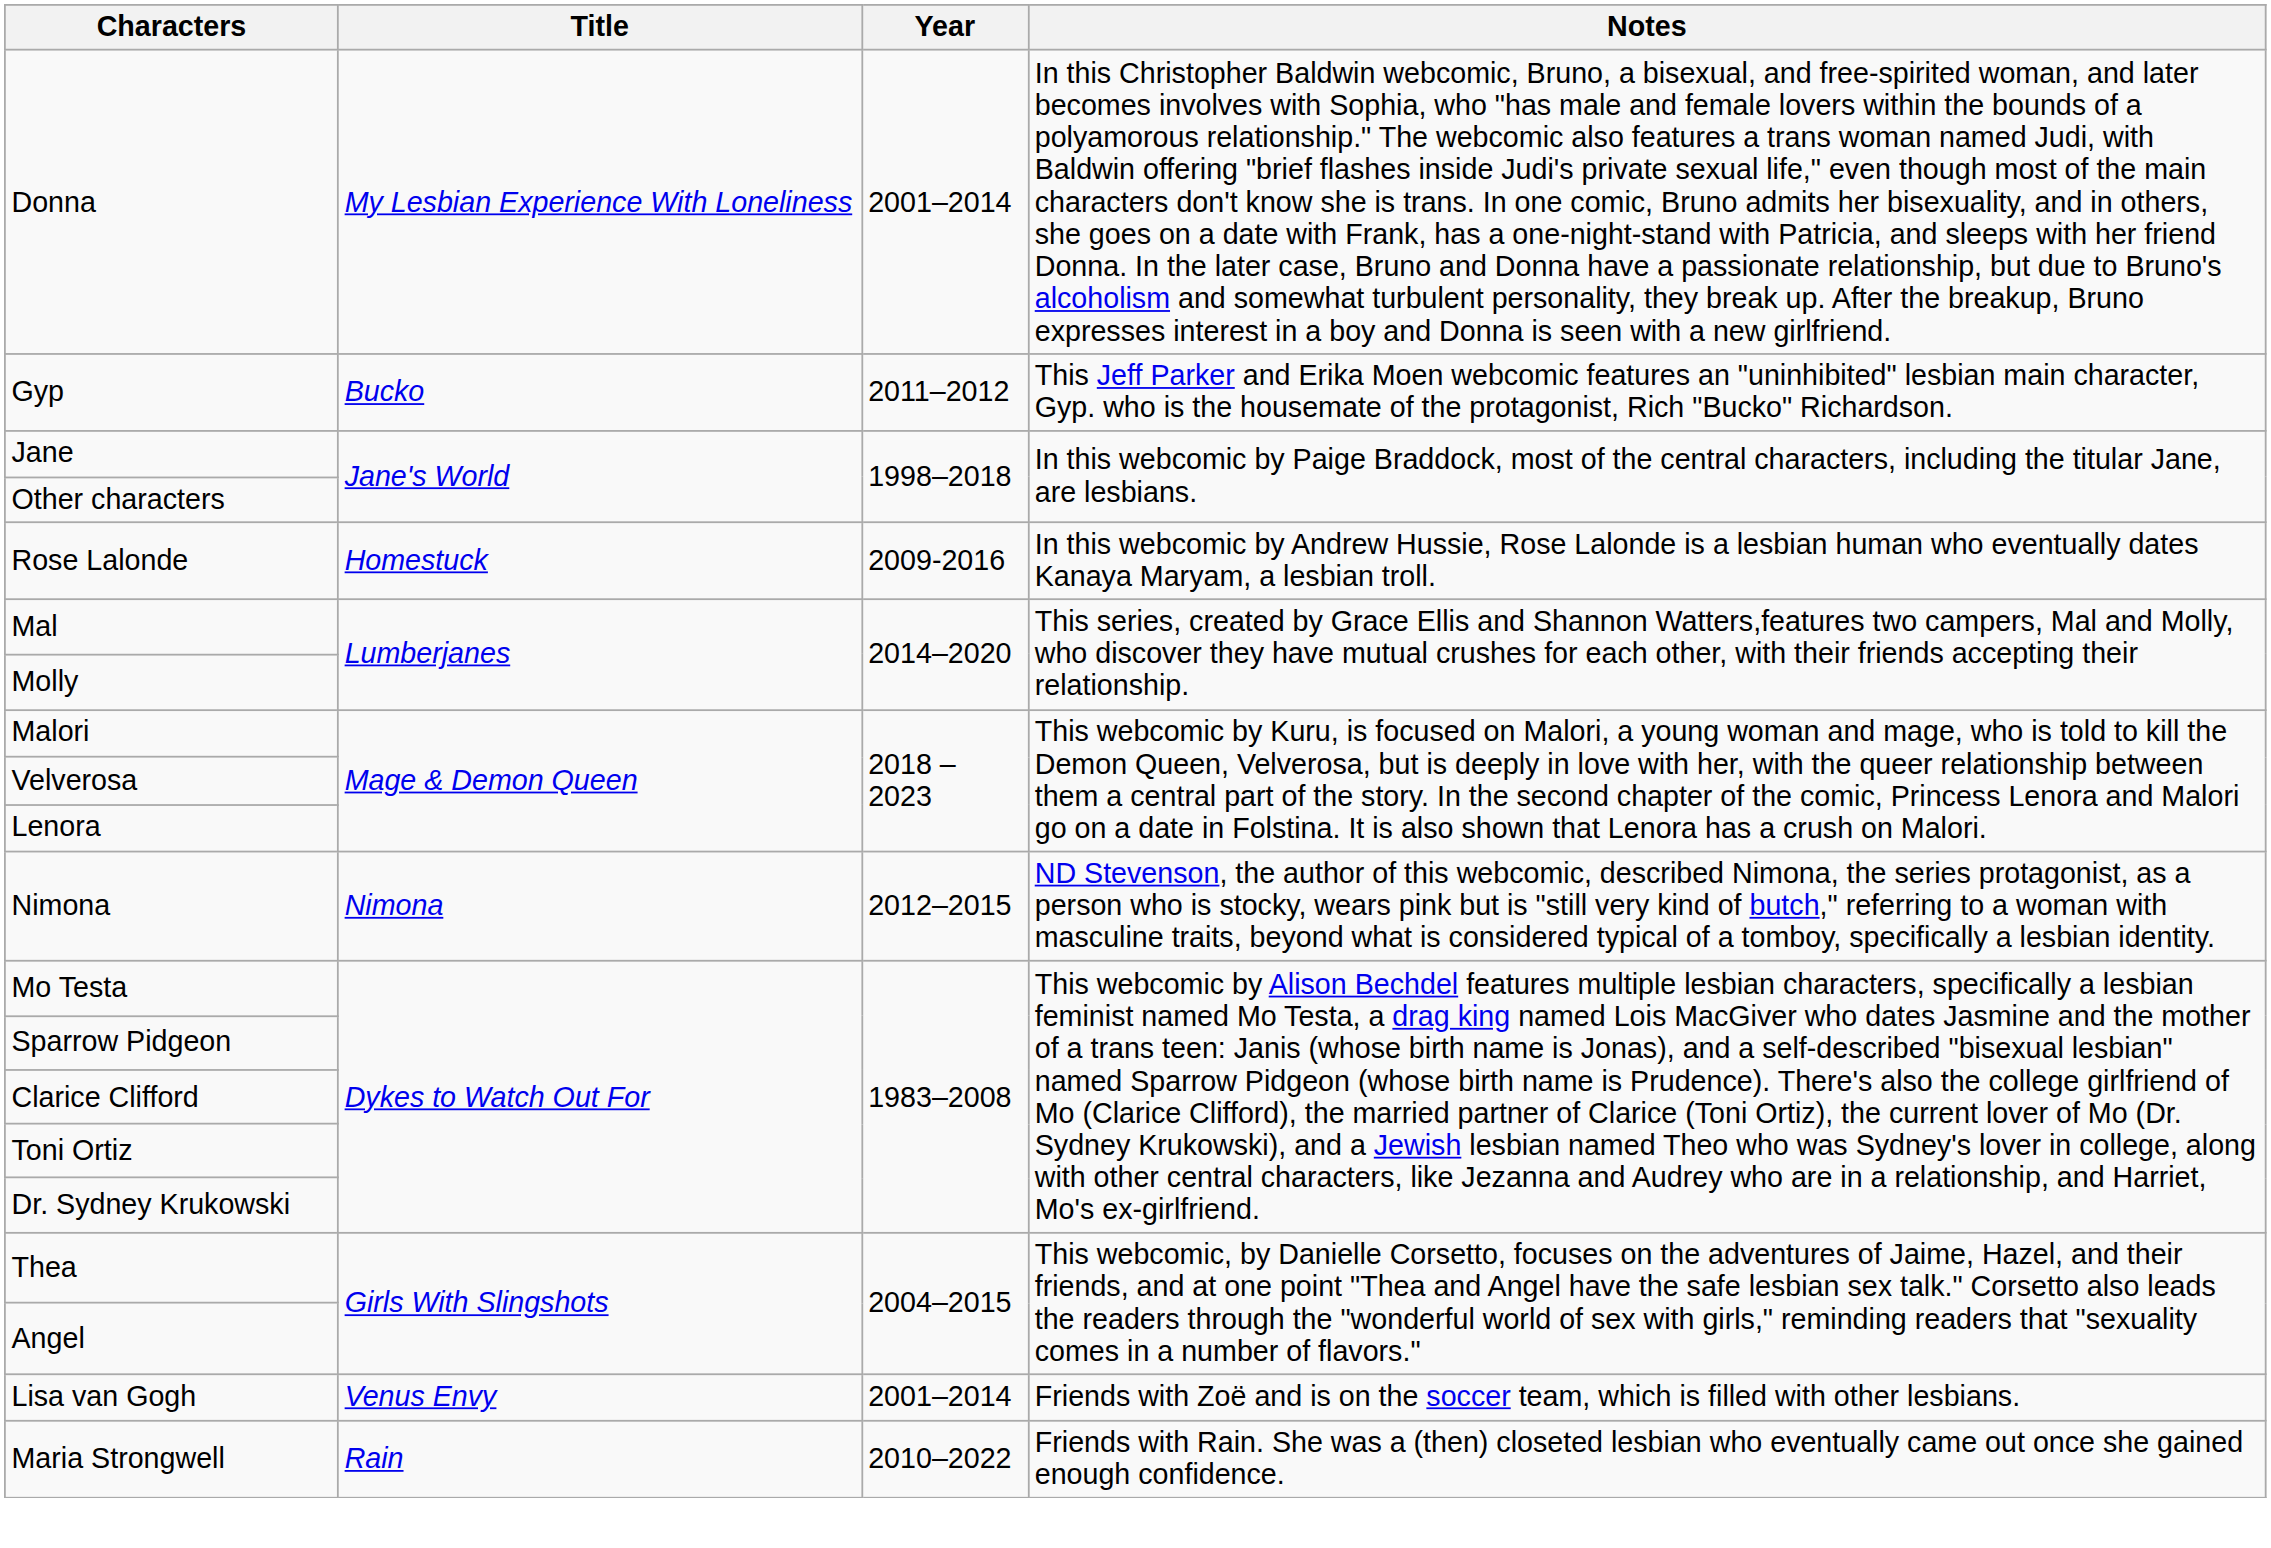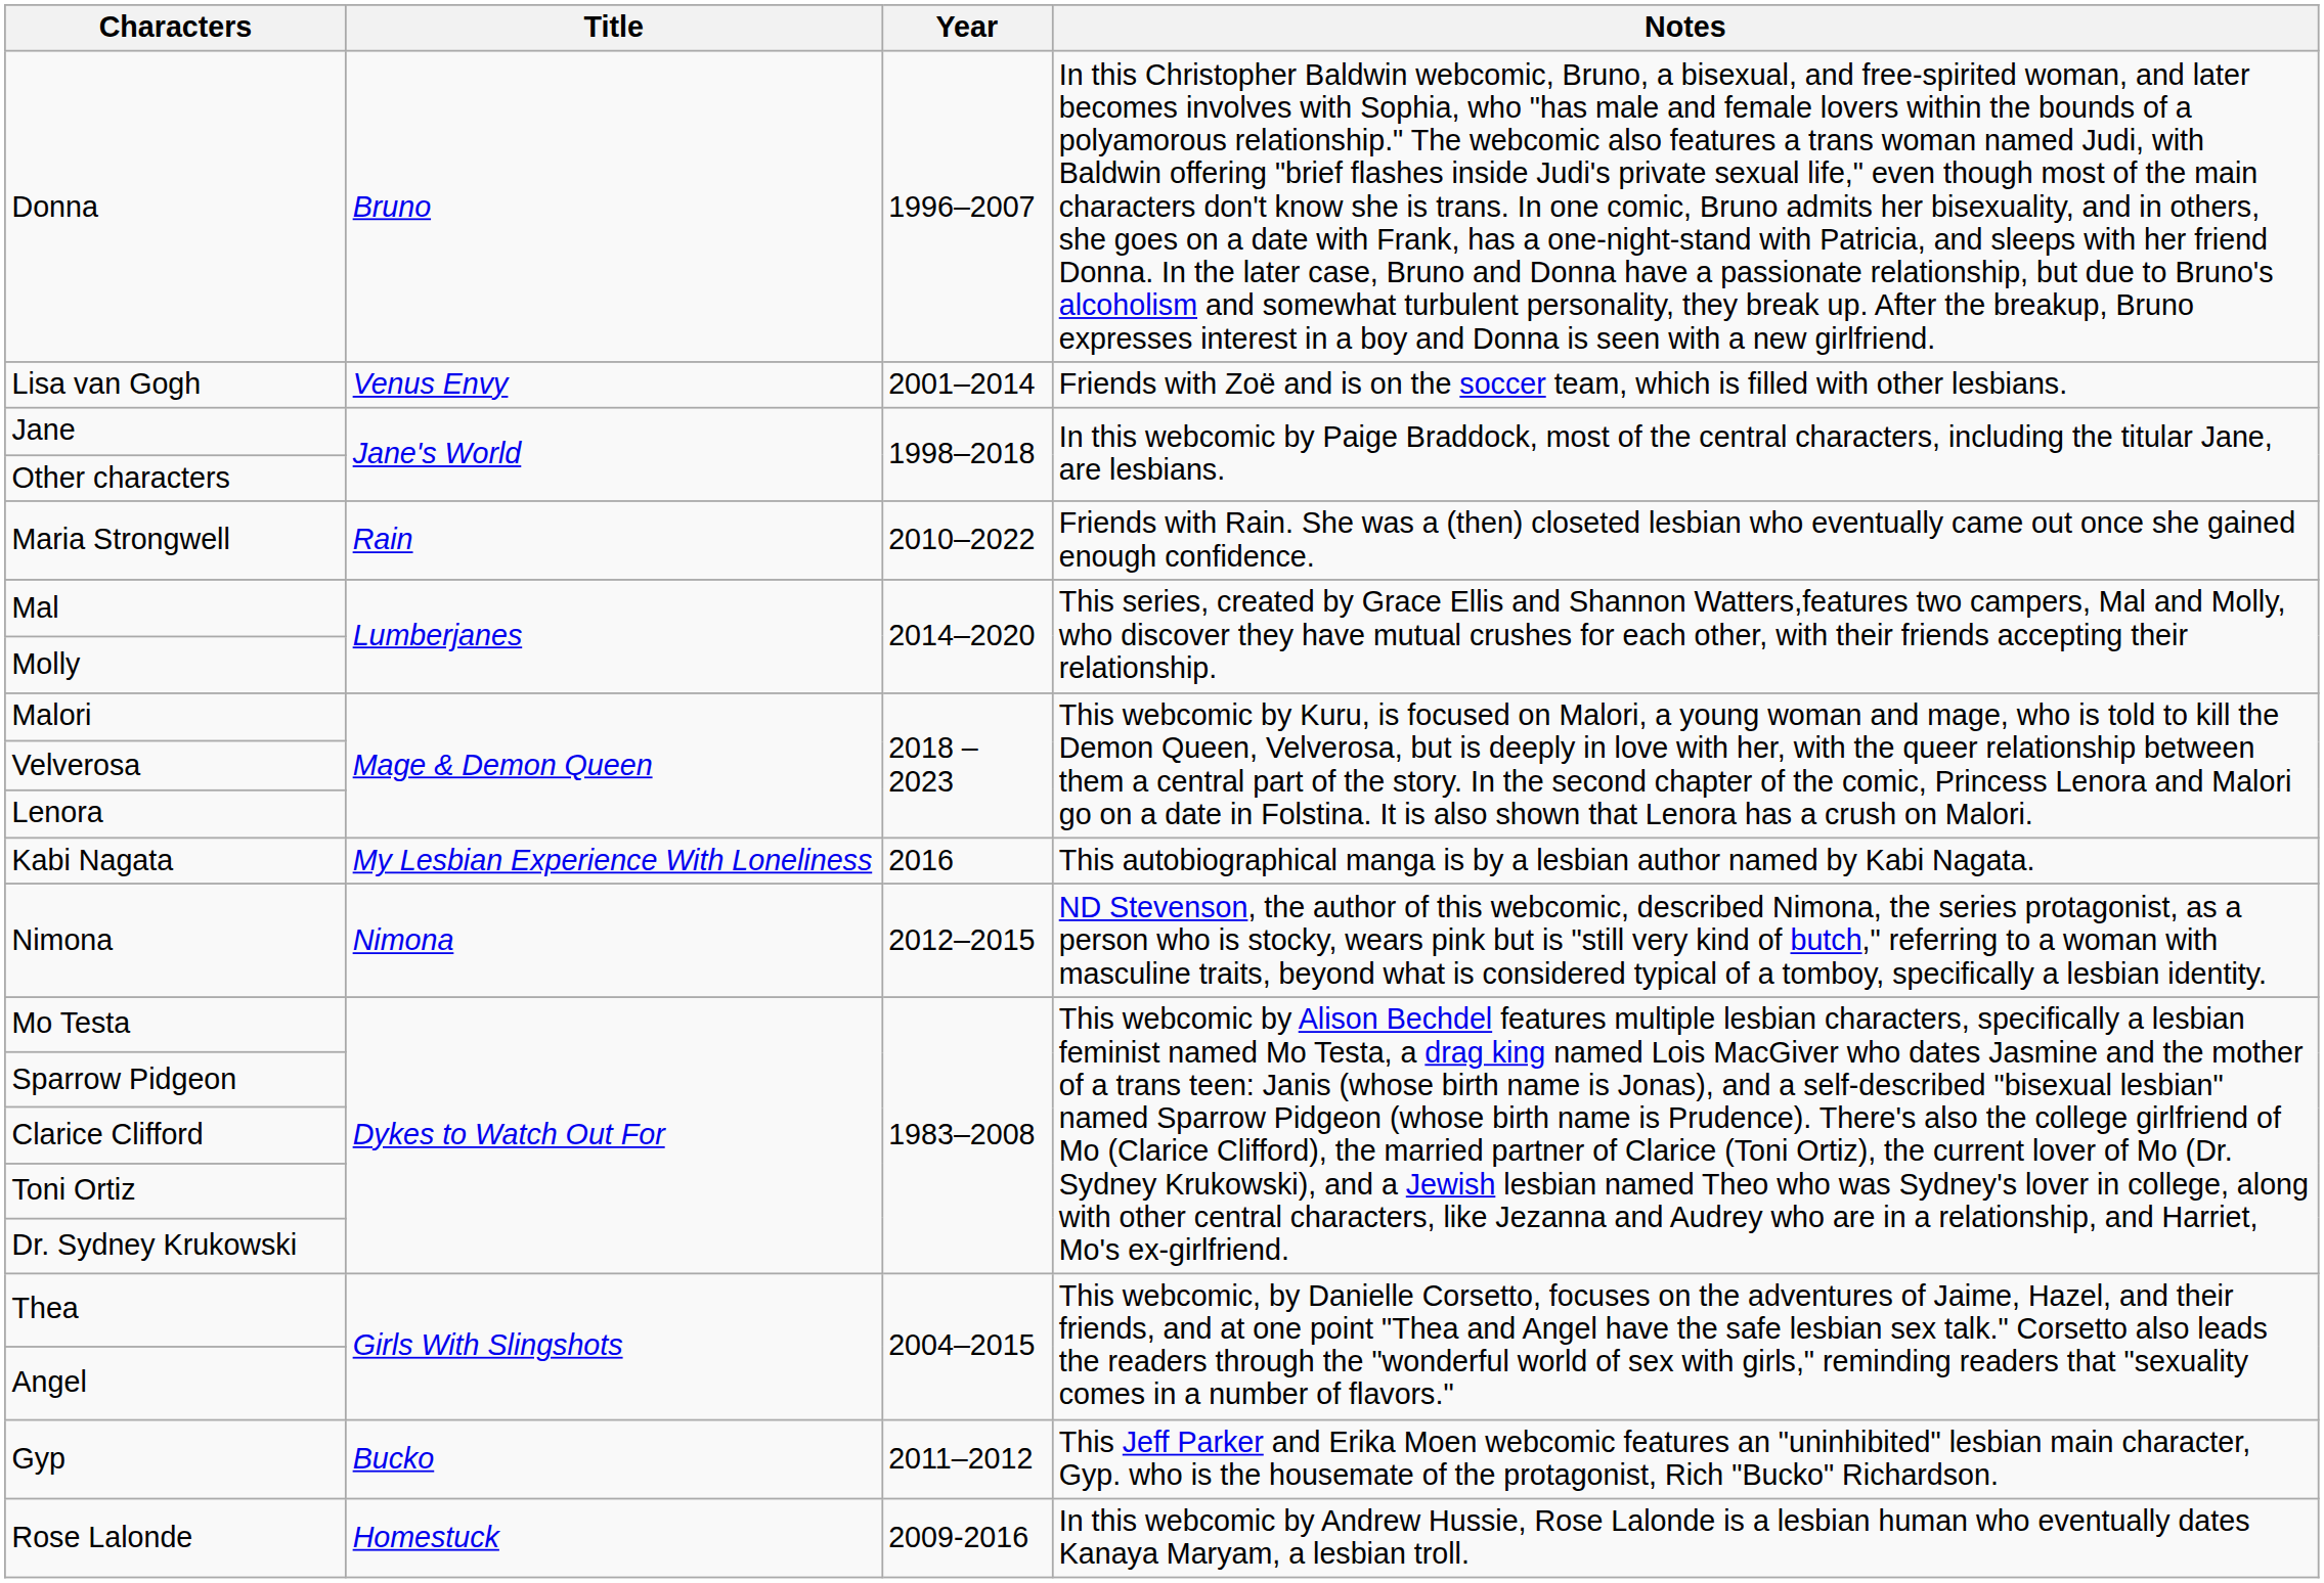 <table class="sortable wikitable" style="margins:auto; width:100%">
 <tr>
 <th style="width:14%;">Characters</th>
 <th style="width:22%;">Title</th>
 <th style="width:7%;">Year</th>
 <th style="width:52%;">Notes</th>
 </tr>
 <tr>
 <td>Donna</td>
-<td scope="row"><em><a href='#'>My Lesbian Experience With Loneliness</a></em></td>
-<td>2001–2014</td>
+<td scope="row"><em><a href='#'>Bruno</a></em></td>
+<td>1996–2007</td>
 <td>In this Christopher Baldwin webcomic, Bruno, a bisexual, and free-spirited woman, and later becomes involves with Sophia, who "has male and female lovers within the bounds of a polyamorous relationship." The webcomic also features a trans woman named Judi, with Baldwin offering "brief flashes inside Judi's private sexual life," even though most of the main characters don't know she is trans. In one comic, Bruno admits her bisexuality, and in others, she goes on a date with Frank, has a one-night-stand with Patricia, and sleeps with her friend Donna. In the later case, Bruno and Donna have a passionate relationship, but due to Bruno's <a href='#'>alcoholism</a> and somewhat turbulent personality, they break up. After the breakup, Bruno expresses interest in a boy and Donna is seen with a new girlfriend.</td>
 </tr>
 <tr>
-<td>Gyp</td>
-<td><em><a href='#'>Bucko</a></em></td>
-<td>2011–2012</td>
-<td>This <a href='#'>Jeff Parker</a> and Erika Moen webcomic features an "uninhibited" lesbian main character, Gyp. who is the housemate of the protagonist, Rich "Bucko" Richardson.</td>
+<td>Lisa van Gogh</td>
+<td><em><a href='#'>Venus Envy</a></em></td>
+<td>2001–2014</td>
+<td>Friends with Zoë and is on the <a href='#'>soccer</a> team, which is filled with other lesbians.</td>
 </tr>
 <tr>
 <td>Jane</td>
 <td rowspan="2"><em><a href='#'>Jane's World</a></em></td>
 <td rowspan="2">1998–2018</td>
 <td rowspan="2">In this webcomic by Paige Braddock, most of the central characters, including the titular Jane, are lesbians.</td>
 </tr>
 <tr>
 <td>Other characters</td>
 </tr>
 <tr>
-<td>Rose Lalonde</td>
-<td scope="row"><em><a href='#'>Homestuck</a></em></td>
-<td>2009-2016</td>
-<td>In this webcomic by Andrew Hussie, Rose Lalonde is a lesbian human who eventually dates Kanaya Maryam, a lesbian troll.</td>
+<td>Maria Strongwell</td>
+<td><em><a href='#'>Rain</a></em></td>
+<td>2010–2022</td>
+<td>Friends with Rain. She was a (then) closeted lesbian who eventually came out once she gained enough confidence.</td>
 </tr>
 <tr>
 <td>Mal</td>
 <td rowspan="2"><em><a href='#'>Lumberjanes</a></em></td>
 <td rowspan="2">2014–2020</td>
 <td rowspan="2">This series, created by Grace Ellis and Shannon Watters,features two campers, Mal and Molly, who discover they have mutual crushes for each other, with their friends accepting their relationship.</td>
 </tr>
 <tr>
 <td>Molly</td>
 </tr>
 <tr>
 <td>Malori</td>
 <td rowspan="3"><em><a href='#'>Mage & Demon Queen</a></em></td>
 <td rowspan="3">2018 – 2023</td>
 <td rowspan="3">This webcomic by Kuru, is focused on Malori, a young woman and mage, who is told to kill the Demon Queen, Velverosa, but is deeply in love with her, with the queer relationship between them a central part of the story. In the second chapter of the comic, Princess Lenora and Malori go on a date in Folstina. It is also shown that Lenora has a crush on Malori.</td>
 </tr>
 <tr>
 <td>Velverosa</td>
 </tr>
 <tr>
 <td>Lenora</td>
+</tr>
+<tr>
+<td>Kabi Nagata</td>
+<td scope="row"><em><a href='#'>My Lesbian Experience With Loneliness</a></em></td>
+<td>2016</td>
+<td>This autobiographical manga is by a lesbian author named by Kabi Nagata.</td>
 </tr>
 <tr>
 <td>Nimona</td>
 <td scope="row"><em><a href='#'>Nimona</a></em></td>
 <td>2012–2015</td>
 <td><a href='#'>ND Stevenson</a>, the author of this webcomic, described Nimona, the series protagonist, as a person who is stocky, wears pink but is "still very kind of <a href='#'>butch</a>," referring to a woman with masculine traits, beyond what is considered typical of a tomboy, specifically a lesbian identity.</td>
 </tr>
 <tr>
 <td>Mo Testa</td>
 <td rowspan="5"><em><a href='#'>Dykes to Watch Out For</a></em></td>
 <td rowspan="5">1983–2008</td>
 <td rowspan="5">This webcomic by <a href='#'>Alison Bechdel</a> features multiple lesbian characters, specifically a lesbian feminist named Mo Testa, a <a href='#'>drag king</a> named Lois MacGiver who dates Jasmine and the mother of a trans teen: Janis (whose birth name is Jonas), and a self-described "bisexual lesbian" named Sparrow Pidgeon (whose birth name is Prudence). There's also the college girlfriend of Mo (Clarice Clifford), the married partner of Clarice (Toni Ortiz), the current lover of Mo (Dr. Sydney Krukowski), and a <a href='#'>Jewish</a> lesbian named Theo who was Sydney's lover in college, along with other central characters, like Jezanna and Audrey who are in a relationship, and Harriet, Mo's ex-girlfriend.</td>
 </tr>
 <tr>
 <td>Sparrow Pidgeon</td>
 </tr>
 <tr>
 <td>Clarice Clifford</td>
 </tr>
 <tr>
 <td>Toni Ortiz</td>
 </tr>
 <tr>
 <td>Dr. Sydney Krukowski</td>
 </tr>
 <tr>
 <td>Thea</td>
 <td rowspan="2"><em><a href='#'>Girls With Slingshots</a></em></td>
 <td rowspan="2">2004–2015</td>
 <td rowspan="2">This webcomic, by Danielle Corsetto, focuses on the adventures of Jaime, Hazel, and their friends, and at one point "Thea and Angel have the safe lesbian sex talk." Corsetto also leads the readers through the "wonderful world of sex with girls," reminding readers that "sexuality comes in a number of flavors."</td>
 </tr>
 <tr>
 <td>Angel</td>
 </tr>
 <tr>
-<td>Lisa van Gogh</td>
-<td><em><a href='#'>Venus Envy</a></em></td>
-<td>2001–2014</td>
-<td>Friends with Zoë and is on the <a href='#'>soccer</a> team, which is filled with other lesbians.</td>
+<td>Gyp</td>
+<td><em><a href='#'>Bucko</a></em></td>
+<td>2011–2012</td>
+<td>This <a href='#'>Jeff Parker</a> and Erika Moen webcomic features an "uninhibited" lesbian main character, Gyp. who is the housemate of the protagonist, Rich "Bucko" Richardson.</td>
 </tr>
 <tr>
-<td>Maria Strongwell</td>
-<td><em><a href='#'>Rain</a></em></td>
-<td>2010–2022</td>
-<td>Friends with Rain. She was a (then) closeted lesbian who eventually came out once she gained enough confidence.</td>
+<td>Rose Lalonde</td>
+<td scope="row"><em><a href='#'>Homestuck</a></em></td>
+<td>2009-2016</td>
+<td>In this webcomic by Andrew Hussie, Rose Lalonde is a lesbian human who eventually dates Kanaya Maryam, a lesbian troll.</td>
 </tr>
 </table>
